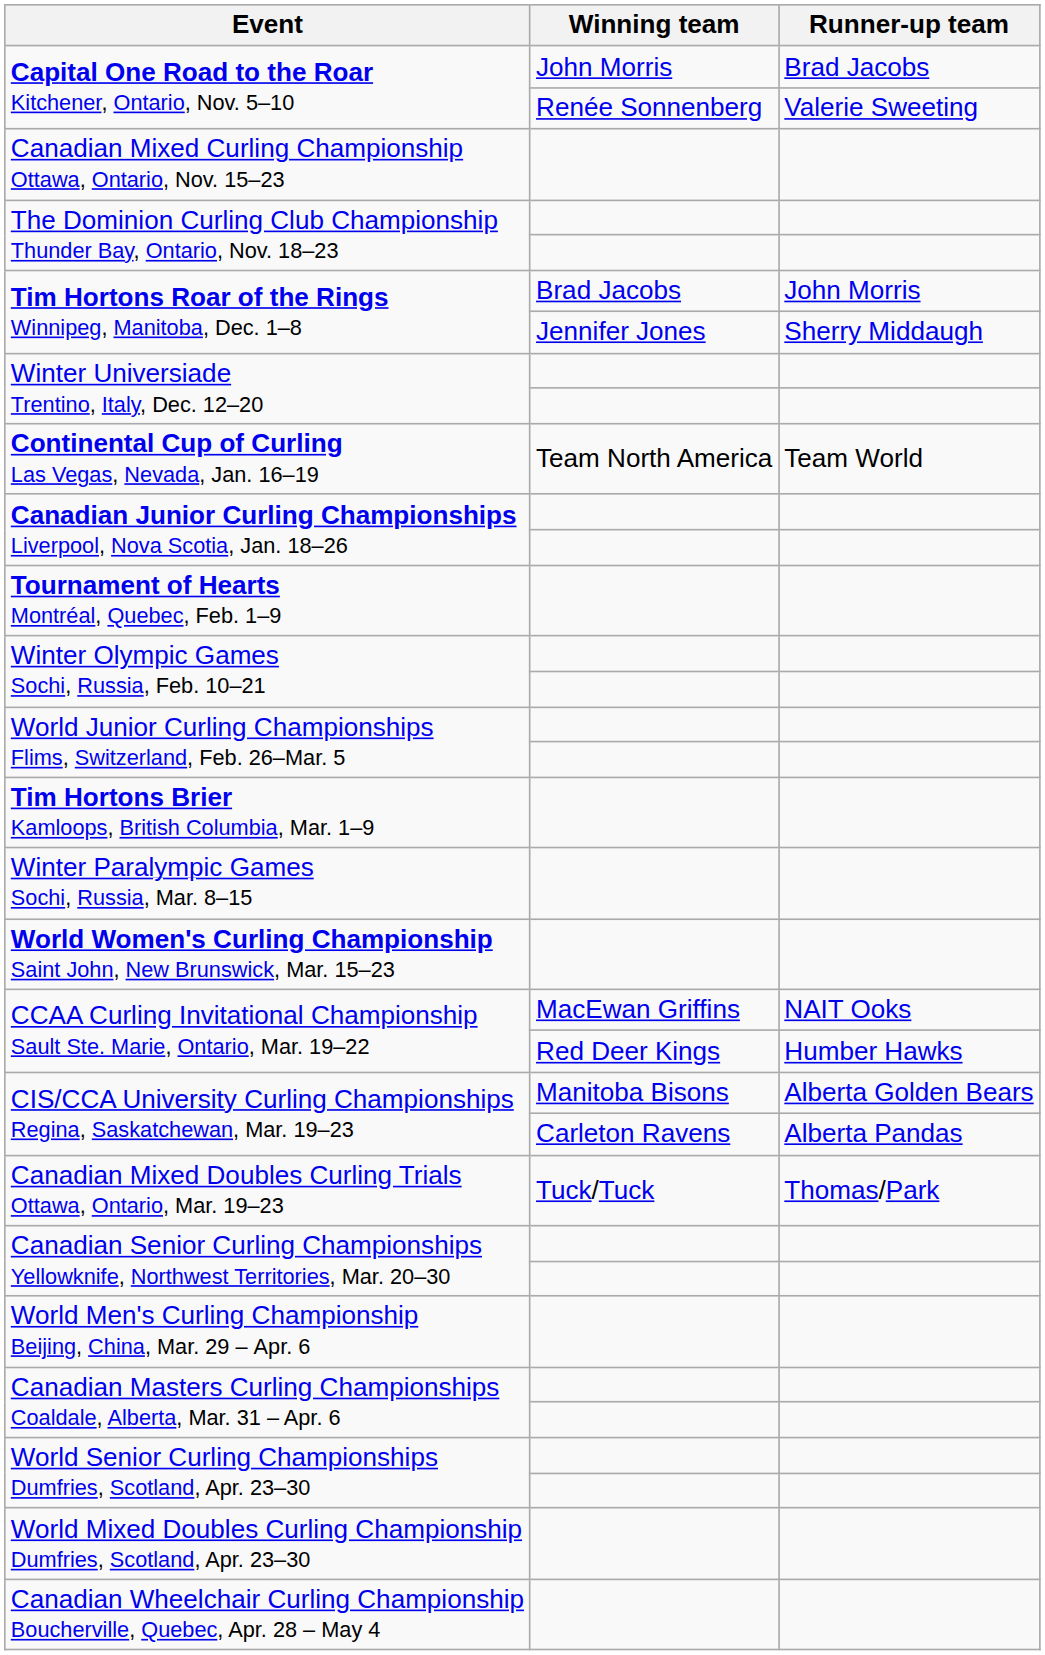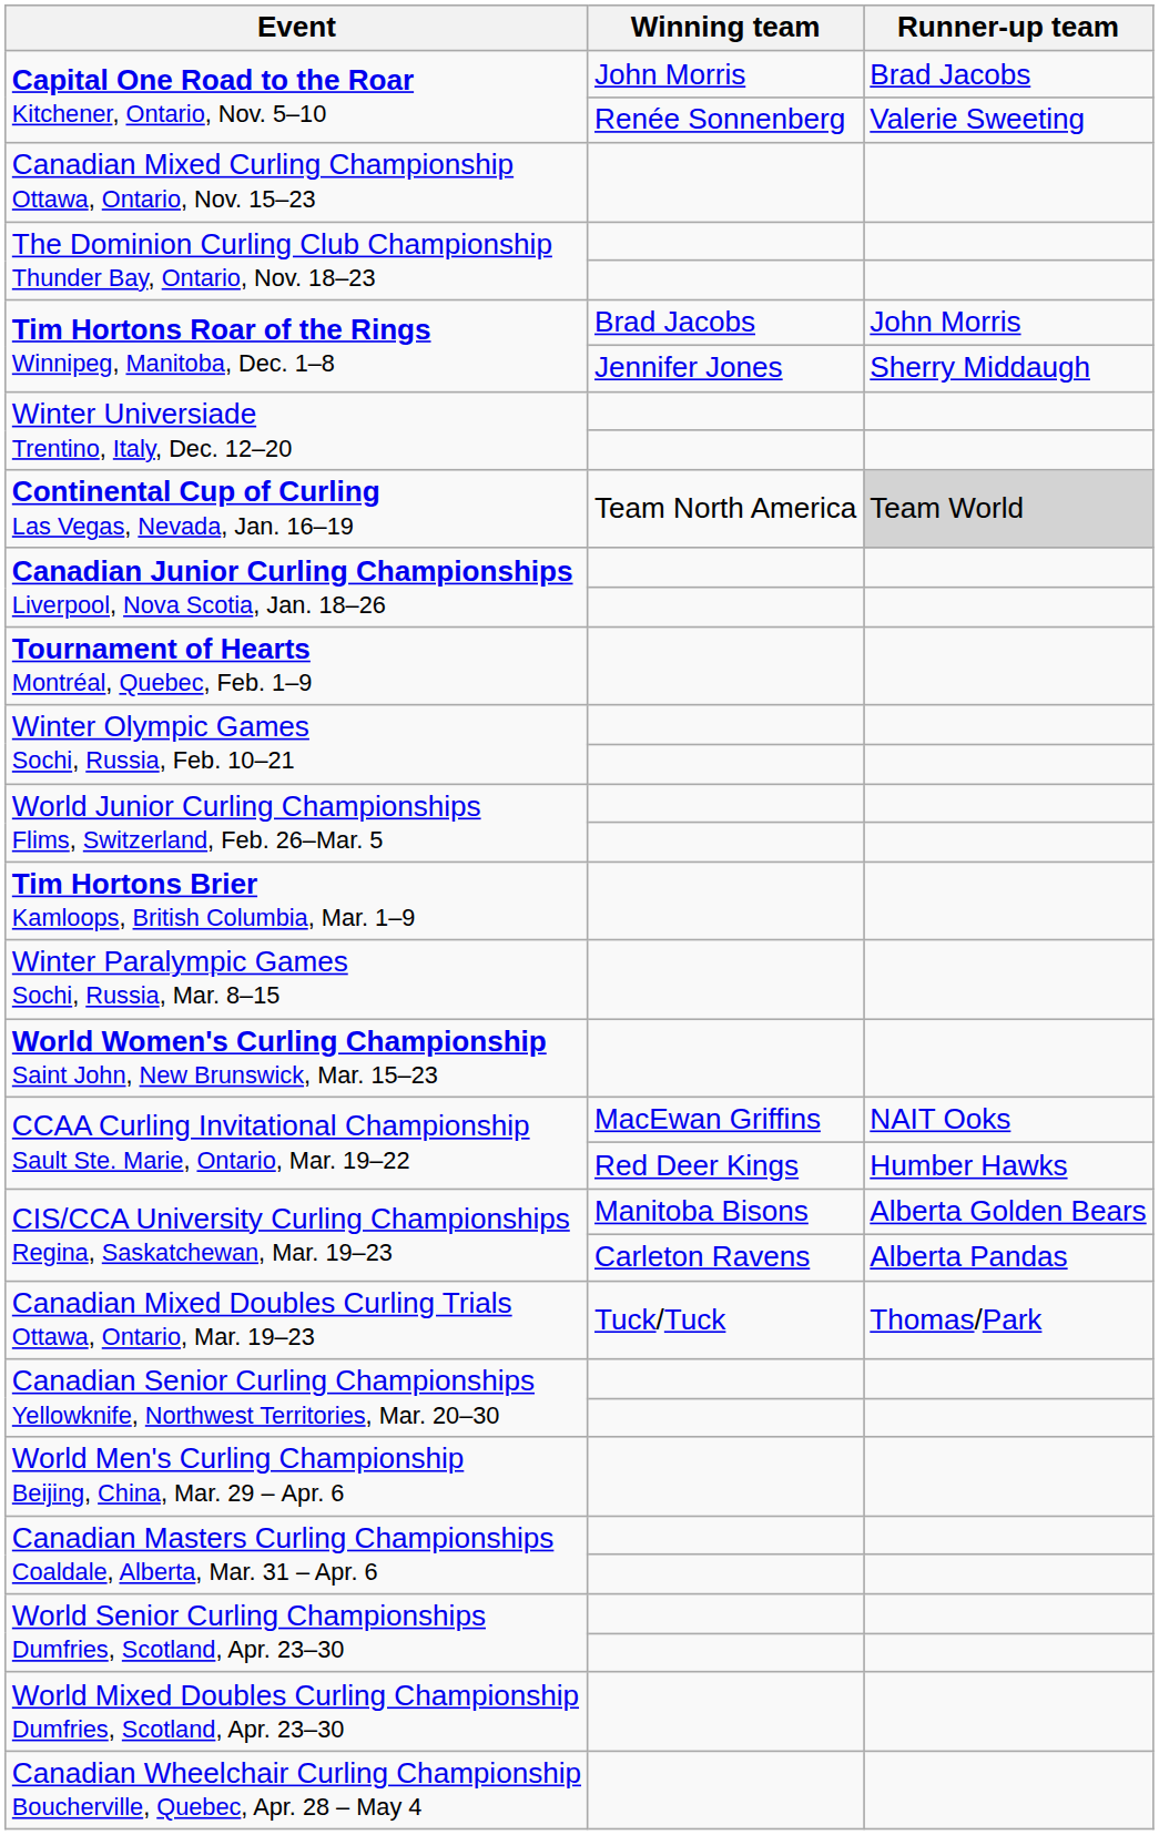 <table class="wikitable" style="white-space:nowrap;">
 <tr>
 <th>Event</th>
 <th colspan=2>Winning team</th>
 <th>Runner-up team</th>
 </tr>
 <tr>
 <td rowspan=2><strong><a href='#'>Capital One Road to the Roar</a></strong> <br> <small><a href='#'>Kitchener</a>, <a href='#'>Ontario</a>, Nov. 5–10</small></td>
 <td colspan=2> <a href='#'>John Morris</a></td>
 <td> <a href='#'>Brad Jacobs</a></td>
 </tr>
 <tr>
 <td colspan=2> <a href='#'>Renée Sonnenberg</a></td>
 <td> <a href='#'>Valerie Sweeting</a></td>
 </tr>
 <tr>
 <td><a href='#'>Canadian Mixed Curling Championship</a> <br> <small><a href='#'>Ottawa</a>, <a href='#'>Ontario</a>, Nov. 15–23</small></td>
 <td colspan=2></td>
 <td></td>
 </tr>
 <tr>
 <td rowspan=2><a href='#'>The Dominion Curling Club Championship</a> <br> <small><a href='#'>Thunder Bay</a>, <a href='#'>Ontario</a>, Nov. 18–23</small></td>
 <td colspan=2></td>
 <td></td>
 </tr>
 <tr>
 <td colspan=2></td>
 <td></td>
 </tr>
 <tr>
 <td rowspan=2><strong><a href='#'>Tim Hortons Roar of the Rings</a></strong> <br> <small><a href='#'>Winnipeg</a>, <a href='#'>Manitoba</a>, Dec. 1–8</small></td>
 <td colspan=2> <a href='#'>Brad Jacobs</a></td>
 <td> <a href='#'>John Morris</a></td>
 </tr>
 <tr>
 <td colspan=2> <a href='#'>Jennifer Jones</a></td>
 <td> <a href='#'>Sherry Middaugh</a></td>
 </tr>
 <tr>
 <td rowspan=2><a href='#'>Winter Universiade</a> <br> <small><a href='#'>Trentino</a>, <a href='#'>Italy</a>, Dec. 12–20</small></td>
 <td colspan=2></td>
 <td></td>
 </tr>
 <tr>
 <td colspan=2></td>
 <td></td>
 </tr>
 <tr>
 <td><strong><a href='#'>Continental Cup of Curling</a></strong> <br> <small><a href='#'>Las Vegas</a>, <a href='#'>Nevada</a>, Jan. 16–19</small></td>
 <td colspan=2>Team North America</td>
-<td>Team World</td>
+<td style="background: lightgrey;">Team World</td>
 </tr>
 <tr>
 <td rowspan=2><strong><a href='#'>Canadian Junior Curling Championships</a></strong> <br> <small><a href='#'>Liverpool</a>, <a href='#'>Nova Scotia</a>, Jan. 18–26</small></td>
 <td colspan=2></td>
 <td></td>
 </tr>
 <tr>
 <td colspan=2></td>
 <td></td>
 </tr>
 <tr>
 <td><strong><a href='#'>Tournament of Hearts</a></strong> <br> <small><a href='#'>Montréal</a>, <a href='#'>Quebec</a>, Feb. 1–9</small></td>
 <td colspan=2></td>
 <td></td>
 </tr>
 <tr>
 <td rowspan=2><a href='#'>Winter Olympic Games</a> <br> <small><a href='#'>Sochi</a>, <a href='#'>Russia</a>, Feb. 10–21</small></td>
 <td colspan=2></td>
 <td></td>
 </tr>
 <tr>
 <td colspan=2></td>
 <td></td>
 </tr>
 <tr>
 <td rowspan=2><a href='#'>World Junior Curling Championships</a> <br> <small><a href='#'>Flims</a>, <a href='#'>Switzerland</a>, Feb. 26–Mar. 5</small></td>
 <td colspan=2></td>
 <td></td>
 </tr>
 <tr>
 <td colspan=2></td>
 <td></td>
 </tr>
 <tr>
 <td><strong><a href='#'>Tim Hortons Brier</a></strong> <br> <small><a href='#'>Kamloops</a>, <a href='#'>British Columbia</a>, Mar. 1–9</small></td>
 <td colspan=2></td>
 <td></td>
 </tr>
 <tr>
 <td><a href='#'>Winter Paralympic Games</a> <br> <small><a href='#'>Sochi</a>, <a href='#'>Russia</a>, Mar. 8–15</small></td>
 <td colspan=2></td>
 <td></td>
 </tr>
 <tr>
 <td><strong><a href='#'>World Women's Curling Championship</a></strong> <br> <small><a href='#'>Saint John</a>, <a href='#'>New Brunswick</a>, Mar. 15–23</small></td>
 <td colspan=2></td>
 <td></td>
 </tr>
 <tr>
 <td rowspan=2><a href='#'>CCAA Curling Invitational Championship</a> <br> <small><a href='#'>Sault Ste. Marie</a>, <a href='#'>Ontario</a>, Mar. 19–22</small></td>
 <td colspan=2> <a href='#'>MacEwan Griffins</a></td>
 <td> <a href='#'>NAIT Ooks</a></td>
 </tr>
 <tr>
 <td colspan=2> <a href='#'>Red Deer Kings</a></td>
 <td> <a href='#'>Humber Hawks</a></td>
 </tr>
 <tr>
 <td rowspan=2><a href='#'>CIS/CCA University Curling Championships</a> <br> <small><a href='#'>Regina</a>, <a href='#'>Saskatchewan</a>, Mar. 19–23</small></td>
 <td colspan=2> <a href='#'>Manitoba Bisons</a></td>
 <td> <a href='#'>Alberta Golden Bears</a></td>
 </tr>
 <tr>
 <td colspan=2> <a href='#'>Carleton Ravens</a></td>
 <td> <a href='#'>Alberta Pandas</a></td>
 </tr>
 <tr>
 <td><a href='#'>Canadian Mixed Doubles Curling Trials</a> <br> <small><a href='#'>Ottawa</a>, <a href='#'>Ontario</a>, Mar. 19–23</small></td>
 <td colspan=2> <a href='#'>Tuck</a>/<a href='#'>Tuck</a></td>
 <td> <a href='#'>Thomas</a>/<a href='#'>Park</a></td>
 </tr>
 <tr>
 <td rowspan=2><a href='#'>Canadian Senior Curling Championships</a> <br> <small><a href='#'>Yellowknife</a>, <a href='#'>Northwest Territories</a>, Mar. 20–30</small></td>
 <td colspan=2></td>
 <td></td>
 </tr>
 <tr>
 <td colspan=2></td>
 <td></td>
 </tr>
 <tr>
 <td><a href='#'>World Men's Curling Championship</a> <br> <small><a href='#'>Beijing</a>, <a href='#'>China</a>, Mar. 29 – Apr. 6</small></td>
 <td colspan=2></td>
 <td></td>
 </tr>
 <tr>
 <td rowspan=2><a href='#'>Canadian Masters Curling Championships</a> <br> <small><a href='#'>Coaldale</a>, <a href='#'>Alberta</a>, Mar. 31 – Apr. 6</small></td>
 <td colspan=2></td>
 <td></td>
 </tr>
 <tr>
 <td colspan=2></td>
 <td></td>
 </tr>
 <tr>
 <td rowspan=2><a href='#'>World Senior Curling Championships</a> <br> <small><a href='#'>Dumfries</a>, <a href='#'>Scotland</a>, Apr. 23–30</small></td>
 <td colspan=2></td>
 <td></td>
 </tr>
 <tr>
 <td colspan=2></td>
 <td></td>
 </tr>
 <tr>
 <td><a href='#'>World Mixed Doubles Curling Championship</a> <br> <small><a href='#'>Dumfries</a>, <a href='#'>Scotland</a>, Apr. 23–30</small></td>
 <td colspan=2></td>
 <td></td>
 </tr>
 <tr>
 <td><a href='#'>Canadian Wheelchair Curling Championship</a> <br> <small><a href='#'>Boucherville</a>, <a href='#'>Quebec</a>, Apr. 28 – May 4</small></td>
 <td colspan=2></td>
 <td></td>
 </tr>
 </table>
